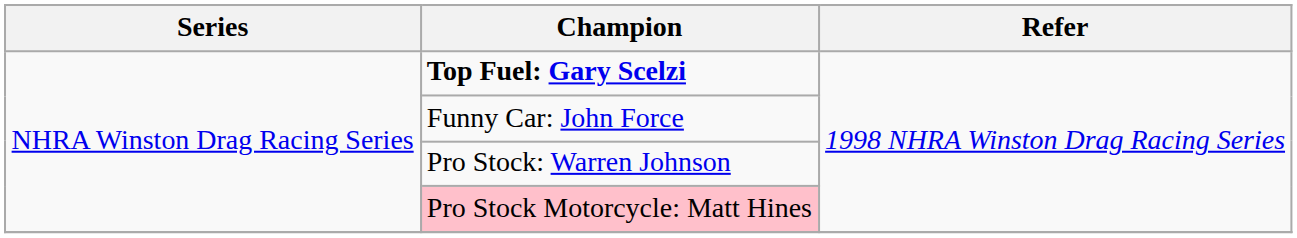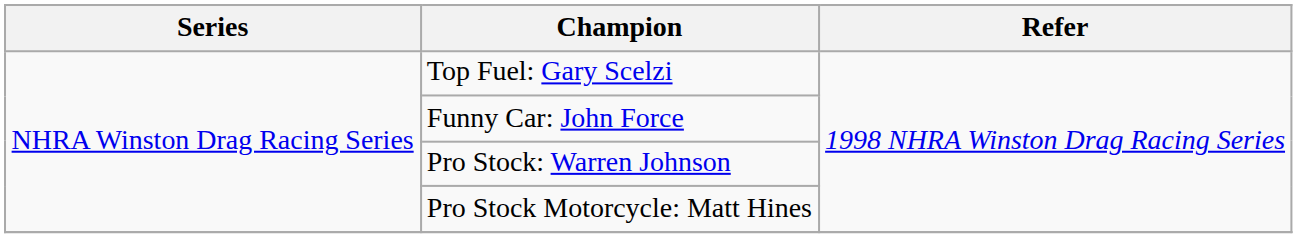 <table class="wikitable" style="font-size:87%;">
 <tr>
 <th>Series</th>
 <th>Champion</th>
 <th>Refer</th>
 </tr>
 <tr>
 <td rowspan=4><a href='#'>NHRA Winston Drag Racing Series</a></td>
-<td><strong>Top Fuel:  <a href='#'>Gary Scelzi</a></strong></td>
+<td>Top Fuel:  <a href='#'>Gary Scelzi</a></td>
 <td rowspan=4><em><a href='#'>1998 NHRA Winston Drag Racing Series</a></em></td>
 </tr>
 <tr>
 <td>Funny Car:  <a href='#'>John Force</a></td>
 </tr>
 <tr>
 <td>Pro Stock:  <a href='#'>Warren Johnson</a></td>
 </tr>
 <tr>
-<td style="background: pink;">Pro Stock Motorcycle:  Matt Hines</td>
+<td>Pro Stock Motorcycle:  Matt Hines</td>
 </tr>
 <tr>
 </tr>
 </table>
